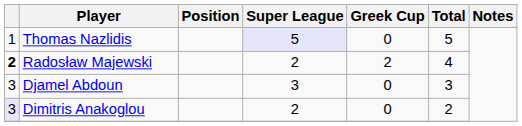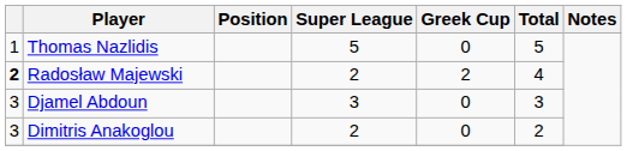 <table class="wikitable">
 <tr>
 <th></th>
 <th style="width:165px;">Player</th>
 <th>Position</th>
 <th>Super League</th>
 <th>Greek Cup</th>
 <th>Total</th>
 <th>Notes</th>
 </tr>
 <tr>
 <td rowspan="1">1</td>
 <td> <a href='#'>Thomas Nazlidis</a></td>
 <td align=center></td>
-<td align=center style="background: lavender;">5</td>
+<td align=center>5</td>
 <td align=center>0</td>
 <td align=center>5</td>
 </tr>
 <tr>
 <td rospawn="1"><strong>2</strong></td>
 <td> <a href='#'>Radosław Majewski</a></td>
 <td align=center></td>
 <td align=center>2</td>
 <td align=center>2</td>
 <td align=center>4</td>
 </tr>
 <tr>
 <td rowspan="1">3</td>
 <td> <a href='#'>Djamel Abdoun</a></td>
 <td align=center></td>
 <td align=center>3</td>
 <td align=center>0</td>
 <td align=center>3</td>
 </tr>
 <tr>
-<td rowspan="1" style="background: lavender;">3</td>
+<td rowspan="1">3</td>
 <td> <a href='#'>Dimitris Anakoglou</a></td>
 <td align=center></td>
 <td align=center>2</td>
 <td align=center>0</td>
 <td align=center>2</td>
 </tr>
 <tr>
 </tr>
 </table>
